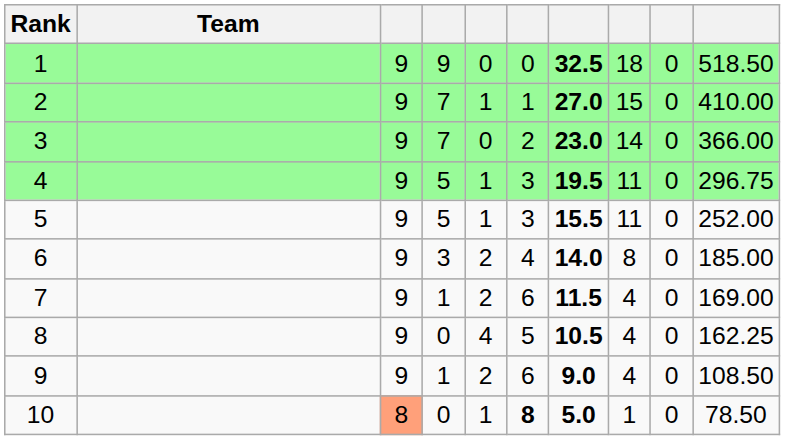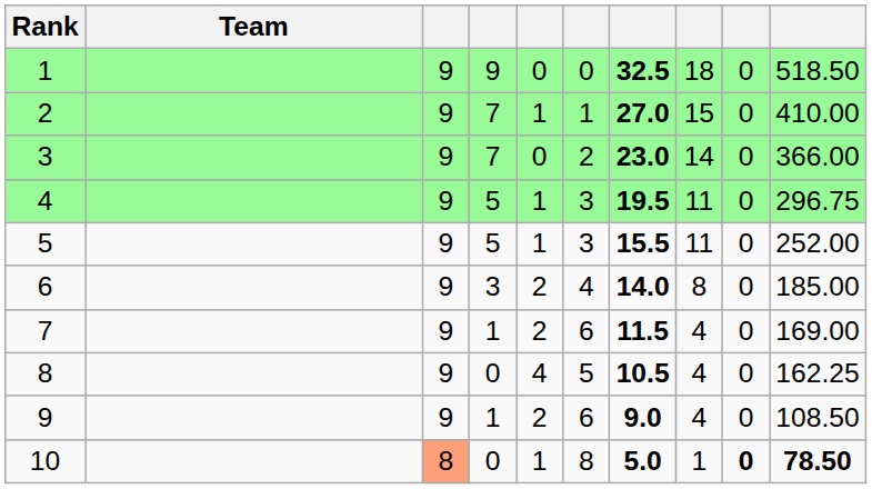 <table class="wikitable" style="text-align:center">
 <tr>
 <th>Rank</th>
 <th style="width:190px;">Team</th>
 <th width=20px></th>
 <th width=20px></th>
 <th width=20px></th>
 <th width=20px></th>
 <th width=20px></th>
 <th width=20px></th>
 <th width=20px></th>
 <th width=30px></th>
 </tr>
 <tr bgcolor=#98fb98>
 <td>1</td>
 <td align="left"></td>
 <td>9</td>
 <td>9</td>
 <td>0</td>
 <td>0</td>
 <td><strong>32.5</strong></td>
 <td>18</td>
 <td>0</td>
 <td>518.50</td>
 </tr>
 <tr bgcolor=#98fb98>
 <td>2</td>
 <td align="left"></td>
 <td>9</td>
 <td>7</td>
 <td>1</td>
 <td>1</td>
 <td><strong>27.0</strong></td>
 <td>15</td>
 <td>0</td>
 <td>410.00</td>
 </tr>
 <tr bgcolor=#98fb98>
 <td>3</td>
 <td align="left"></td>
 <td>9</td>
 <td>7</td>
 <td>0</td>
 <td>2</td>
 <td><strong>23.0</strong></td>
 <td>14</td>
 <td>0</td>
 <td>366.00</td>
 </tr>
 <tr bgcolor=#98fb98>
 <td>4</td>
 <td align="left"></td>
 <td>9</td>
 <td>5</td>
 <td>1</td>
 <td>3</td>
 <td><strong>19.5</strong></td>
 <td>11</td>
 <td>0</td>
 <td>296.75</td>
 </tr>
 <tr bgcolor=>
 <td>5</td>
 <td align="left"></td>
 <td>9</td>
 <td>5</td>
 <td>1</td>
 <td>3</td>
 <td><strong>15.5</strong></td>
 <td>11</td>
 <td>0</td>
 <td>252.00</td>
 </tr>
 <tr>
 <td>6</td>
 <td align="left"></td>
 <td>9</td>
 <td>3</td>
 <td>2</td>
 <td>4</td>
 <td><strong>14.0</strong></td>
 <td>8</td>
 <td>0</td>
 <td>185.00</td>
 </tr>
 <tr>
 <td>7</td>
 <td align="left"><strong></strong></td>
 <td>9</td>
 <td>1</td>
 <td>2</td>
 <td>6</td>
 <td><strong>11.5</strong></td>
 <td>4</td>
 <td>0</td>
 <td>169.00</td>
 </tr>
 <tr>
 <td>8</td>
 <td align="left"></td>
 <td>9</td>
 <td>0</td>
 <td>4</td>
 <td>5</td>
 <td><strong>10.5</strong></td>
 <td>4</td>
 <td>0</td>
 <td>162.25</td>
 </tr>
 <tr>
 <td>9</td>
 <td align="left"></td>
 <td>9</td>
 <td>1</td>
 <td>2</td>
 <td>6</td>
 <td><strong>9.0</strong></td>
 <td>4</td>
 <td>0</td>
 <td>108.50</td>
 </tr>
 <tr>
 <td>10</td>
 <td align="left"></td>
 <td style="background: lightsalmon;">8</td>
 <td>0</td>
 <td>1</td>
-<td><strong>8</strong></td>
+<td>8</td>
 <td><strong>5.0</strong></td>
 <td>1</td>
-<td>0</td>
-<td>78.50</td>
+<td><strong>0</strong></td>
+<td><strong>78.50</strong></td>
 </tr>
 </table>
